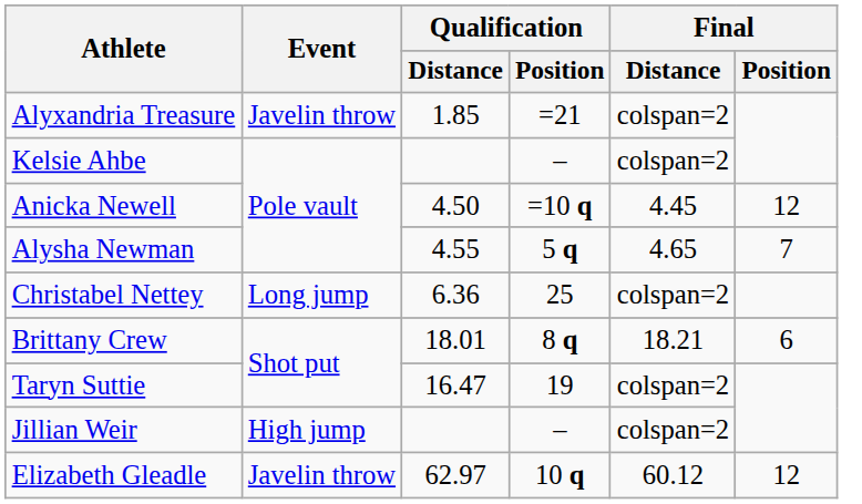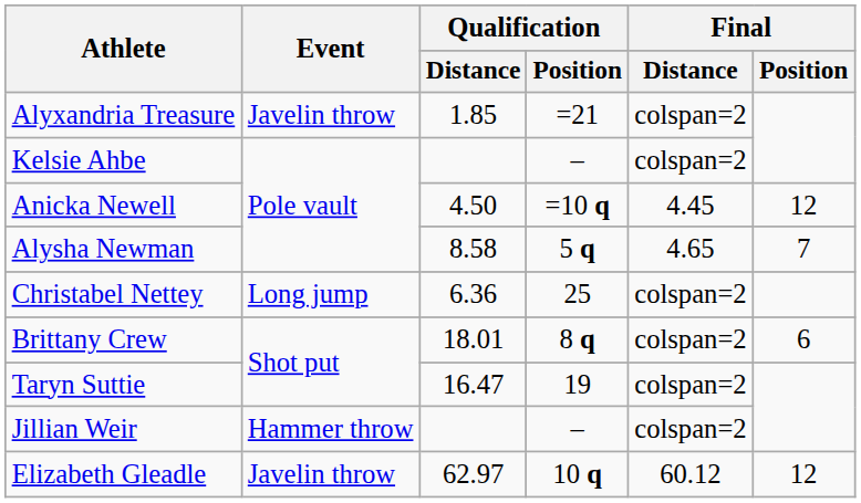 <table class=wikitable style=font-size:90%>
 <tr>
 <th rowspan=2>Athlete</th>
 <th rowspan=2>Event</th>
 <th colspan=2>Qualification</th>
 <th colspan=2>Final</th>
 </tr>
 <tr style=font-size:95%>
 <th>Distance</th>
 <th>Position</th>
 <th>Distance</th>
 <th>Position</th>
 </tr>
 <tr align=center>
 <td align=left><a href='#'>Alyxandria Treasure</a></td>
 <td align=left><a href='#'>Javelin throw</a></td>
 <td>1.85</td>
 <td>=21</td>
 <td>colspan=2 </td>
 </tr>
 <tr align=center>
 <td align=left><a href='#'>Kelsie Ahbe</a></td>
 <td align=left rowspan=3><a href='#'>Pole vault</a></td>
 <td></td>
 <td>–</td>
 <td>colspan=2 </td>
 </tr>
 <tr align=center>
 <td align=left><a href='#'>Anicka Newell</a></td>
 <td>4.50</td>
 <td>=10 <strong>q</strong></td>
 <td>4.45</td>
 <td>12</td>
 </tr>
 <tr align=center>
 <td align=left><a href='#'>Alysha Newman</a></td>
-<td>4.55</td>
+<td>8.58</td>
 <td>5 <strong>q</strong></td>
 <td>4.65</td>
 <td>7</td>
 </tr>
 <tr align=center>
 <td align=left><a href='#'>Christabel Nettey</a></td>
 <td align=left><a href='#'>Long jump</a></td>
 <td>6.36</td>
 <td>25</td>
 <td>colspan=2 </td>
 </tr>
 <tr align=center>
 <td align=left><a href='#'>Brittany Crew</a></td>
 <td align=left rowspan=2><a href='#'>Shot put</a></td>
 <td>18.01</td>
 <td>8 <strong>q</strong></td>
-<td>18.21</td>
+<td>colspan=2 </td>
 <td>6</td>
 </tr>
 <tr align=center>
 <td align=left><a href='#'>Taryn Suttie</a></td>
 <td>16.47</td>
 <td>19</td>
 <td>colspan=2 </td>
 </tr>
 <tr align=center>
 <td align=left><a href='#'>Jillian Weir</a></td>
-<td align=left><a href='#'>High jump</a></td>
+<td align=left><a href='#'>Hammer throw</a></td>
 <td></td>
 <td>–</td>
 <td>colspan=2 </td>
 </tr>
 <tr align=center>
 <td align=left><a href='#'>Elizabeth Gleadle</a></td>
 <td align=left><a href='#'>Javelin throw</a></td>
 <td>62.97</td>
 <td>10 <strong>q</strong></td>
 <td>60.12</td>
 <td>12</td>
 </tr>
 </table>
